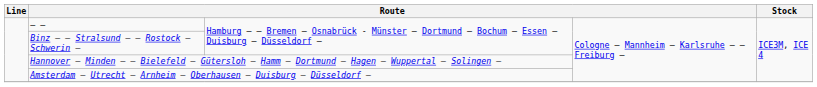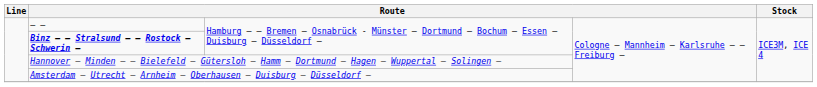 <table class="wikitable" width="100%">
 <tr class="hintergrundfarbe5">
 <th>Line</th>
 <th colspan="3">Route</th>
 <th>Stock</th>
 </tr>
 <tr>
 <td rowspan="4"></td>
 <td> –  –</td>
 <td rowspan="2"><a href='#'>Hamburg</a> –  – <a href='#'>Bremen</a> – <a href='#'>Osnabrück</a> - <a href='#'>Münster</a> – <a href='#'>Dortmund</a> – <a href='#'>Bochum</a> – <a href='#'>Essen</a> – <a href='#'>Duisburg</a> – <a href='#'>Düsseldorf</a> –</td>
 <td rowspan="4"><a href='#'>Cologne</a> –   <a href='#'>Mannheim</a> – <a href='#'>Karlsruhe</a> –  – <a href='#'>Freiburg</a> –  </td>
 <td rowspan="4"><a href='#'>ICE3M</a>, <a href='#'>ICE 4</a></td>
 </tr>
 <tr>
-<td><em><a href='#'>Binz</a> –  – <a href='#'>Stralsund</a> –  –  <a href='#'>Rostock</a> – <a href='#'>Schwerin</a> –</em></td>
+<td><strong><em><a href='#'>Binz</a> –  – <a href='#'>Stralsund</a> –  –  <a href='#'>Rostock</a> – <a href='#'>Schwerin</a> –</em></strong></td>
 </tr>
 <tr>
 <td colspan="2"><em><a href='#'>Hannover</a> – <a href='#'>Minden</a> –  – <a href='#'>Bielefeld</a> – <a href='#'>Gütersloh</a> – <a href='#'>Hamm</a> – <a href='#'>Dortmund</a> – <a href='#'>Hagen</a> – <a href='#'>Wuppertal</a> – <a href='#'>Solingen</a> –</em></td>
 </tr>
 <tr>
 <td colspan="2"><em><a href='#'>Amsterdam</a> – <a href='#'>Utrecht</a> – <a href='#'>Arnheim</a> – <a href='#'>Oberhausen</a> – <a href='#'>Duisburg</a> – <a href='#'>Düsseldorf</a> –</em></td>
 </tr>
 <tr>
 </tr>
 </table>
